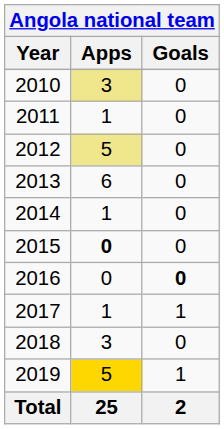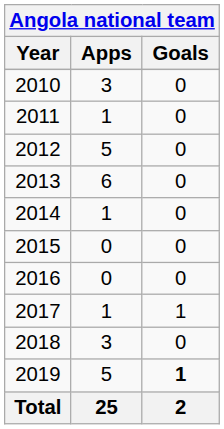 <table class="wikitable" style="text-align:center">
 <tr>
 <th colspan=3><a href='#'>Angola national team</a></th>
 </tr>
 <tr>
 <th>Year</th>
 <th>Apps</th>
 <th>Goals</th>
 </tr>
 <tr>
 </tr>
 <tr>
 <td>2010</td>
-<td style="background: khaki;">3</td>
+<td>3</td>
 <td>0</td>
 </tr>
 <tr>
 <td>2011</td>
 <td>1</td>
 <td>0</td>
 </tr>
 <tr>
 <td>2012</td>
-<td style="background: khaki;">5</td>
+<td>5</td>
 <td>0</td>
 </tr>
 <tr>
 <td>2013</td>
 <td>6</td>
 <td>0</td>
 </tr>
 <tr>
 <td>2014</td>
 <td>1</td>
 <td>0</td>
 </tr>
 <tr>
 <td>2015</td>
-<td><strong>0</strong></td>
+<td>0</td>
 <td>0</td>
 </tr>
 <tr>
 <td>2016</td>
 <td>0</td>
-<td><strong>0</strong></td>
+<td>0</td>
 </tr>
 <tr>
 <td>2017</td>
 <td>1</td>
 <td>1</td>
 </tr>
 <tr>
 <td>2018</td>
 <td>3</td>
 <td>0</td>
 </tr>
 <tr>
 <td>2019</td>
-<td style="background: gold;">5</td>
-<td>1</td>
+<td>5</td>
+<td><strong>1</strong></td>
 </tr>
 <tr>
 <th>Total</th>
 <th>25</th>
 <th>2</th>
 </tr>
 </table>
